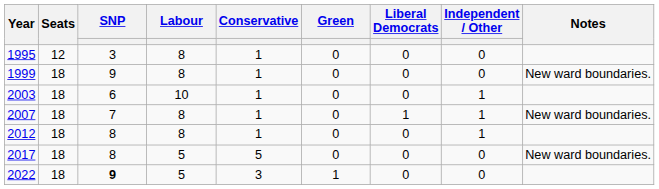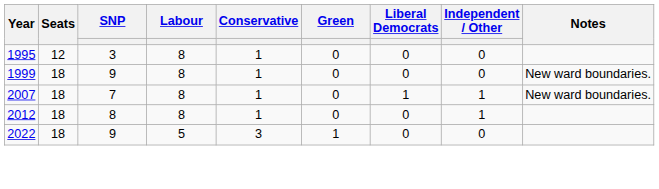 <table class="wikitable" style=text-align:center>
 <tr>
 <th rowspan=2>Year</th>
 <th rowspan=2>Seats</th>
 <th width="80"><a href='#'>SNP</a></th>
 <th width="80"><a href='#'>Labour</a></th>
 <th width="80"><a href='#'>Conservative</a></th>
 <th width="80"><a href='#'>Green</a></th>
 <th width="80"><a href='#'>Liberal Democrats</a></th>
 <th width="80"><a href='#'>Independent / Other</a></th>
 <th rowspan=2>Notes</th>
 </tr>
 <tr>
 <th style="background-color: "></th>
 <th style="background-color: "></th>
 <th style="background-color: "></th>
 <th style="background-color: "></th>
 <th style="background-color: "></th>
 <th style="background-color: "></th>
 </tr>
 <tr>
 <td><a href='#'>1995</a></td>
 <td>12</td>
 <td>3</td>
 <td>8</td>
 <td>1</td>
 <td>0</td>
 <td>0</td>
 <td>0</td>
 <td align=left></td>
 </tr>
 <tr>
 <td><a href='#'>1999</a></td>
 <td>18</td>
 <td>9</td>
 <td>8</td>
 <td>1</td>
 <td>0</td>
 <td>0</td>
 <td>0</td>
 <td align=left>New ward boundaries.</td>
 </tr>
 <tr>
-<td><a href='#'>2003</a></td>
-<td>18</td>
-<td>6</td>
-<td>10</td>
-<td>1</td>
-<td>0</td>
-<td>0</td>
-<td>1</td>
-<td align=left></td>
-</tr>
-<tr>
 <td><a href='#'>2007</a></td>
 <td>18</td>
 <td>7</td>
 <td>8</td>
 <td>1</td>
 <td>0</td>
 <td>1</td>
 <td>1</td>
 <td align=left>New ward boundaries.</td>
 </tr>
 <tr>
 <td><a href='#'>2012</a></td>
 <td>18</td>
 <td>8</td>
 <td>8</td>
 <td>1</td>
 <td>0</td>
 <td>0</td>
 <td>1</td>
 <td align=left></td>
 </tr>
 <tr>
-<td><a href='#'>2017</a></td>
-<td>18</td>
-<td>8</td>
-<td>5</td>
-<td>5</td>
-<td>0</td>
-<td>0</td>
-<td>0</td>
-<td align=left>New ward boundaries.</td>
-</tr>
-<tr>
 <td><a href='#'>2022</a></td>
 <td>18</td>
-<td><strong>9</strong></td>
+<td>9</td>
 <td>5</td>
 <td>3</td>
 <td>1</td>
 <td>0</td>
 <td>0</td>
 <td align=left></td>
 </tr>
 </table>
